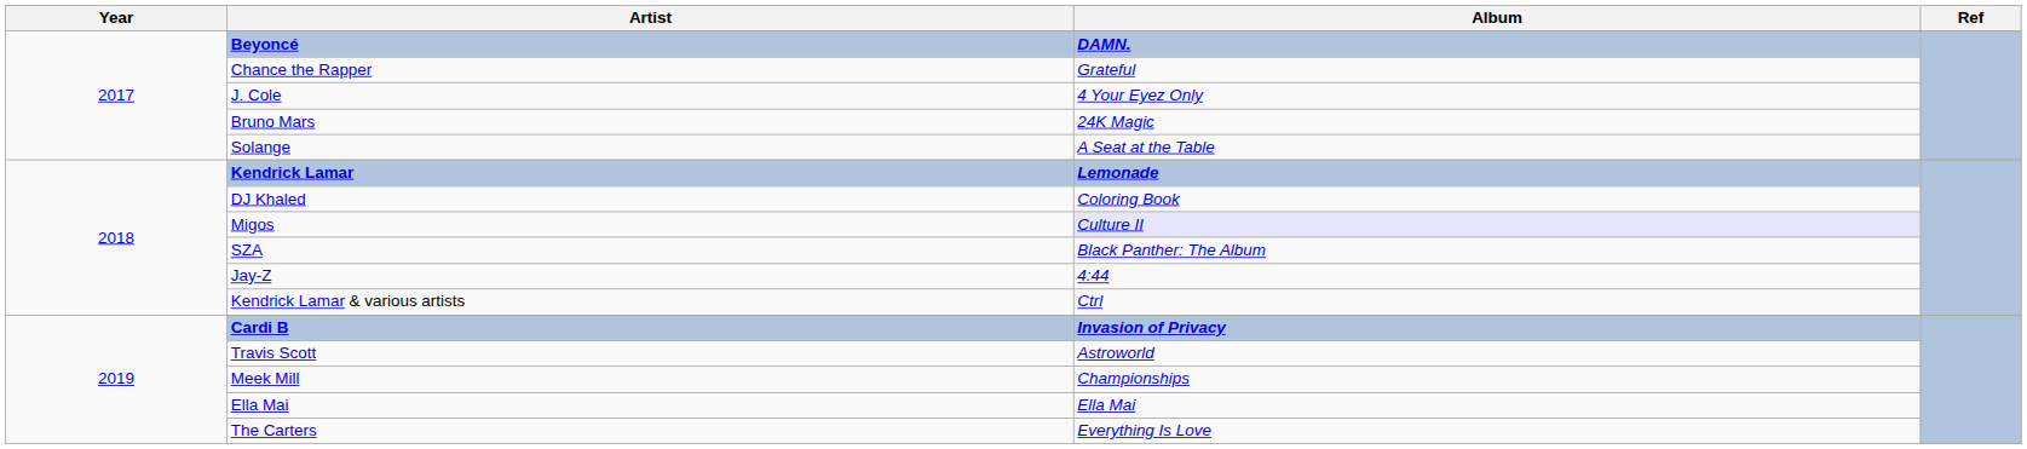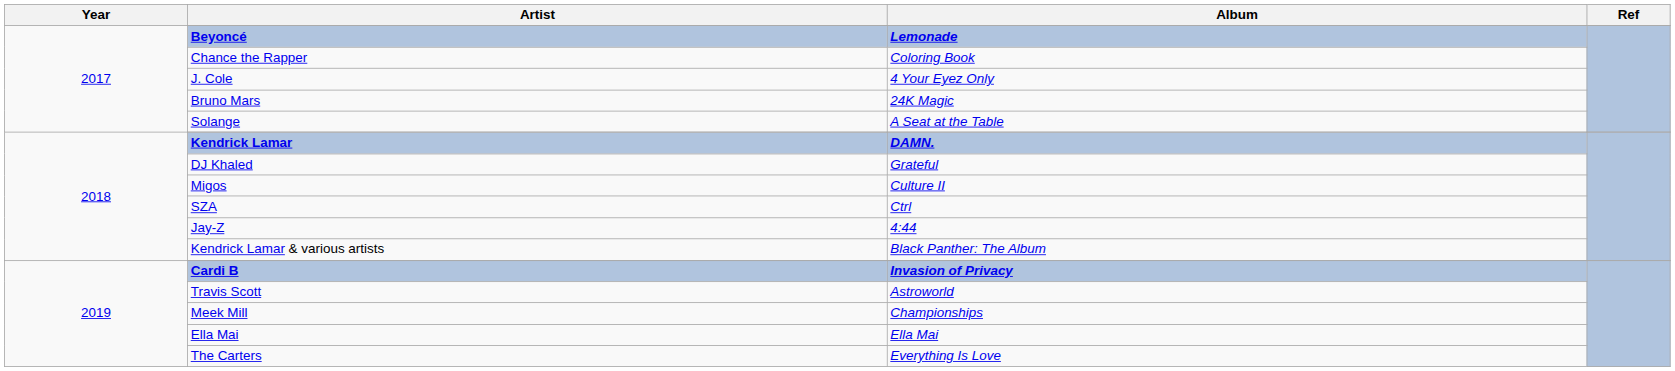 <table class="wikitable" style="width:100%;">
 <tr style="background:#bebebe;">
 <th style="width:11%;">Year</th>
 <th style="width:42%;">Artist</th>
 <th style="width:42%;">Album</th>
 <th style="width:5%;">Ref</th>
 </tr>
 <tr>
 <td rowspan="6" align="center"><a href='#'>2017</a></td>
 </tr>
 <tr style="background:#B0C4DE">
 <td><strong><a href='#'>Beyoncé</a></strong></td>
-<td><strong><em><a href='#'>DAMN.</a></em></strong></td>
+<td><strong><em><a href='#'>Lemonade</a></em></strong></td>
 <td rowspan="5" align="center"></td>
 </tr>
 <tr>
 <td><a href='#'>Chance the Rapper</a></td>
-<td><em><a href='#'>Grateful</a></em></td>
+<td><em><a href='#'>Coloring Book</a></em></td>
 </tr>
 <tr>
 <td><a href='#'>J. Cole</a></td>
 <td><em><a href='#'>4 Your Eyez Only</a></em></td>
 </tr>
 <tr>
 <td><a href='#'>Bruno Mars</a></td>
 <td><em><a href='#'>24K Magic</a></em></td>
 </tr>
 <tr>
 <td><a href='#'>Solange</a></td>
 <td><em><a href='#'>A Seat at the Table</a></em></td>
 </tr>
 <tr>
 <td rowspan="7" align="center"><a href='#'>2018</a></td>
 </tr>
 <tr style="background:#B0C4DE">
 <td><strong><a href='#'>Kendrick Lamar</a></strong></td>
-<td><strong><em><a href='#'>Lemonade</a></em></strong></td>
+<td><strong><em><a href='#'>DAMN.</a></em></strong></td>
 <td rowspan="6" align="center"></td>
 </tr>
 <tr>
 <td><a href='#'>DJ Khaled</a></td>
-<td><em><a href='#'>Coloring Book</a></em></td>
+<td><em><a href='#'>Grateful</a></em></td>
 </tr>
 <tr>
 <td><a href='#'>Migos</a></td>
-<td style="background: lavender;"><em><a href='#'>Culture II</a></em></td>
+<td><em><a href='#'>Culture II</a></em></td>
 </tr>
 <tr>
 <td><a href='#'>SZA</a></td>
-<td><em><a href='#'>Black Panther: The Album</a></em></td>
+<td><em><a href='#'>Ctrl</a></em></td>
 </tr>
 <tr>
 <td><a href='#'>Jay-Z</a></td>
 <td><em><a href='#'>4:44</a></em></td>
 </tr>
 <tr>
 <td><a href='#'>Kendrick Lamar</a> & various artists</td>
-<td><em><a href='#'>Ctrl</a></em></td>
+<td><em><a href='#'>Black Panther: The Album</a></em></td>
 </tr>
 <tr>
 <td rowspan="6" align="center"><a href='#'>2019</a></td>
 </tr>
 <tr style="background:#B0C4DE">
 <td><strong><a href='#'>Cardi B</a></strong></td>
 <td><strong><em><a href='#'>Invasion of Privacy</a></em></strong></td>
 <td rowspan="5" align="center"></td>
 </tr>
 <tr>
 <td><a href='#'>Travis Scott</a></td>
 <td><em><a href='#'>Astroworld</a></em></td>
 </tr>
 <tr>
 <td><a href='#'>Meek Mill</a></td>
 <td><em><a href='#'>Championships</a></em></td>
 </tr>
 <tr>
 <td><a href='#'>Ella Mai</a></td>
 <td><em><a href='#'>Ella Mai</a></em></td>
 </tr>
 <tr>
 <td><a href='#'>The Carters</a></td>
 <td><em><a href='#'>Everything Is Love</a></em></td>
 </tr>
 </table>
